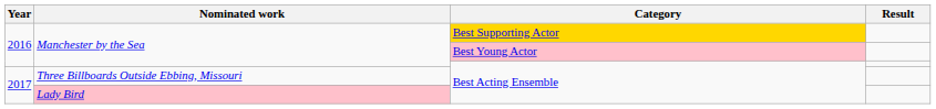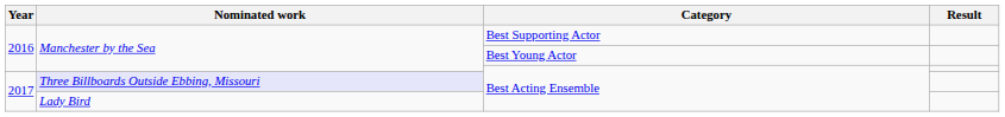 <table class="wikitable">
 <tr>
 <th scope="col" style="width:1em;">Year</th>
 <th scope="col" style="width:35em;">Nominated work</th>
 <th scope="col" style="width:35em;">Category</th>
 <th scope="col" style="width:5em;">Result</th>
 </tr>
 <tr>
 <td rowspan="3"><a href='#'>2016</a></td>
 <td rowspan="3"><em><a href='#'>Manchester by the Sea</a></em></td>
-<td style="background: gold;"><a href='#'>Best Supporting Actor</a></td>
+<td><a href='#'>Best Supporting Actor</a></td>
 <td></td>
 </tr>
 <tr>
-<td style="background: pink;"><a href='#'>Best Young Actor</a></td>
+<td><a href='#'>Best Young Actor</a></td>
 <td></td>
 </tr>
 <tr>
 <td rowspan="3"><a href='#'>Best Acting Ensemble</a></td>
 <td></td>
 </tr>
 <tr>
 <td rowspan="2"><a href='#'>2017</a></td>
-<td><em><a href='#'>Three Billboards Outside Ebbing, Missouri</a></em></td>
+<td style="background: lavender;"><em><a href='#'>Three Billboards Outside Ebbing, Missouri</a></em></td>
 <td></td>
 </tr>
 <tr>
-<td style="background: pink;"><em><a href='#'>Lady Bird</a></em></td>
+<td><em><a href='#'>Lady Bird</a></em></td>
 <td></td>
 </tr>
 </table>
